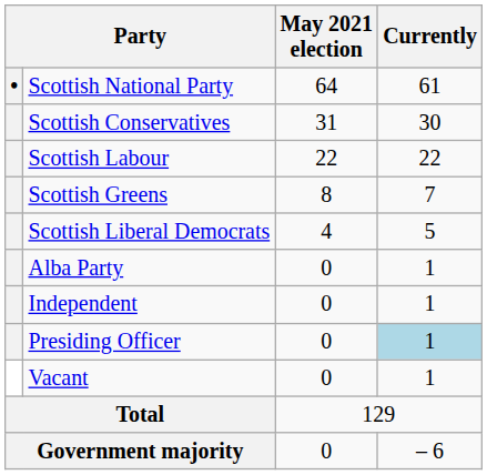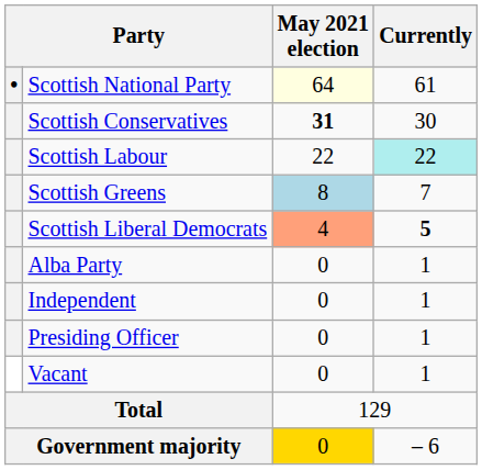 <table class="wikitable sortable" style="font-size:95%;">
 <tr>
 <th colspan=2>Party</th>
 <th>May 2021 <br> election</th>
 <th>Currently</th>
 </tr>
 <tr>
 <th style="background-color: "><span>•</span></th>
 <td><a href='#'>Scottish National Party</a></td>
-<td align="center">64</td>
+<td align="center" style="background: lightyellow;">64</td>
 <td align="center">61</td>
 </tr>
 <tr>
 <th style="background-color: "></th>
 <td><a href='#'>Scottish Conservatives</a></td>
-<td align="center">31</td>
+<td align="center"><strong>31</strong></td>
 <td align="center">30</td>
 </tr>
 <tr>
 <th style="background-color: "></th>
 <td><a href='#'>Scottish Labour</a></td>
 <td align="center">22</td>
-<td align="center">22</td>
+<td align="center" style="background: paleturquoise;">22</td>
 </tr>
 <tr>
 <th style="background-color: "></th>
 <td><a href='#'>Scottish Greens</a></td>
-<td align="center">8</td>
+<td align="center" style="background: lightblue;">8</td>
 <td align="center">7</td>
 </tr>
 <tr>
 <th style="background-color: "></th>
 <td><a href='#'>Scottish Liberal Democrats</a></td>
-<td align="center">4</td>
-<td align="center">5</td>
+<td align="center" style="background: lightsalmon;">4</td>
+<td align="center"><strong>5</strong></td>
 </tr>
 <tr>
 <th style="background-color: "></th>
 <td><a href='#'>Alba Party</a></td>
 <td align="center">0</td>
 <td align="center">1</td>
 </tr>
 <tr>
 <th style="background-color: "></th>
 <td><a href='#'>Independent</a></td>
 <td align="center">0</td>
 <td align="center">1</td>
 </tr>
 <tr>
 <th style="background-color: "></th>
 <td><a href='#'>Presiding Officer</a></td>
 <td align="center">0</td>
-<td align="center" style="background: lightblue;">1</td>
+<td align="center">1</td>
 </tr>
 <tr>
 <th style="background:white"></th>
 <td><a href='#'>Vacant</a></td>
 <td align="center">0</td>
 <td align="center">1</td>
 </tr>
 <tr>
 <th colspan="2">Total</th>
 <td colspan="2" align="center">129</td>
 </tr>
 <tr>
 <th colspan="2">Government majority</th>
-<td style="text-align:center;">0</td>
+<td style="background: gold; text-align:center;">0</td>
 <td style="text-align:center;">– 6</td>
 </tr>
 </table>
